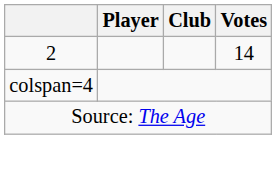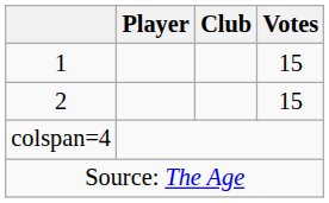 <table class="wikitable sortable" style="text-align:center">
 <tr>
 <th></th>
 <th>Player</th>
 <th>Club</th>
 <th>Votes</th>
 </tr>
 <tr>
+<td>1</td>
+<td></td>
+<td></td>
+<td>15</td>
+</tr>
+<tr>
 <td>2</td>
 <td></td>
 <td></td>
-<td>14</td>
+<td>15</td>
 </tr>
 <tr>
 <td>colspan=4 </td>
 </tr>
 <tr>
 <td colspan="4">Source: <em><a href='#'>The Age</a></em></td>
 </tr>
 </table>
